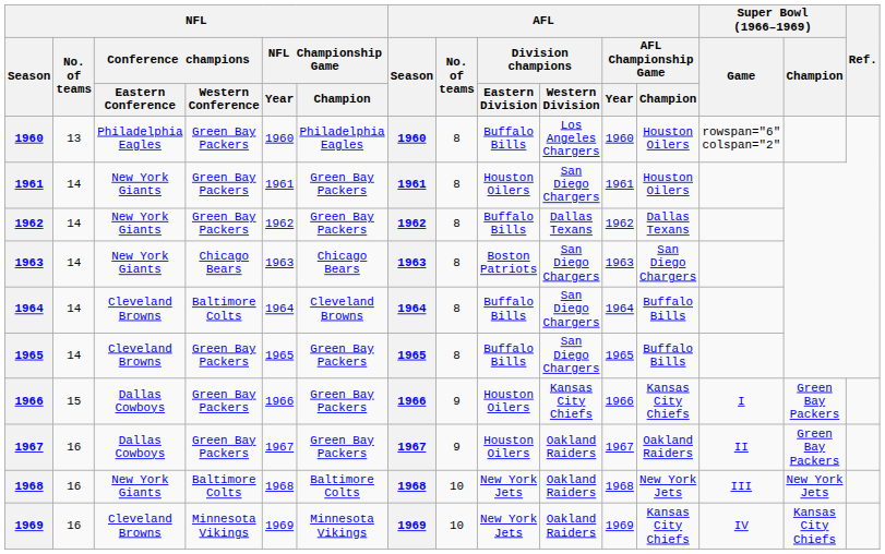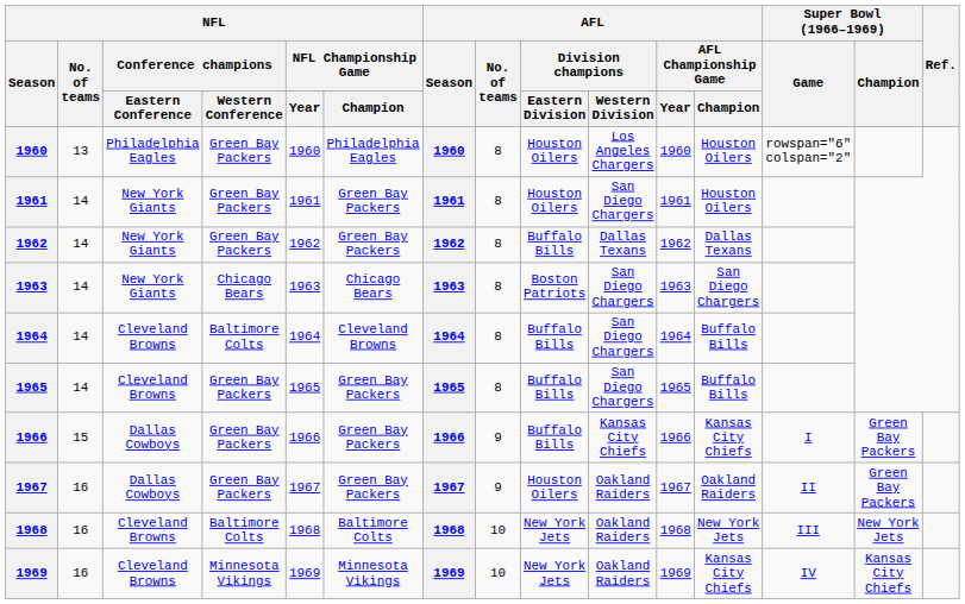 <table class="wikitable plainrowheaders" style="text-align:center; font-size:95%">
 <tr>
 <th colspan="6">NFL</th>
 <th colspan="6">AFL</th>
 <th colspan="2">Super Bowl<br>(1966–1969)</th>
 <th rowspan="3">Ref.</th>
 </tr>
 <tr>
 <th rowspan="2">Season</th>
 <th rowspan="2">No. of<br>teams</th>
 <th colspan="2">Conference champions</th>
 <th colspan="2">NFL Championship Game</th>
 <th rowspan="2">Season</th>
 <th rowspan="2">No. of<br>teams</th>
 <th colspan="2">Division champions</th>
 <th colspan="2">AFL Championship Game</th>
 <th rowspan="2">Game</th>
 <th rowspan="2">Champion</th>
 </tr>
 <tr>
 <th>Eastern<br>Conference</th>
 <th>Western<br>Conference</th>
 <th>Year</th>
 <th>Champion</th>
 <th>Eastern<br>Division</th>
 <th>Western<br>Division</th>
 <th>Year</th>
 <th>Champion</th>
 </tr>
 <tr>
 <th><a href='#'>1960</a></th>
 <td>13</td>
 <td><a href='#'>Philadelphia Eagles</a></td>
 <td><a href='#'>Green Bay Packers</a></td>
 <td><a href='#'>1960</a></td>
 <td><a href='#'>Philadelphia Eagles</a></td>
 <th><a href='#'>1960</a></th>
 <td>8</td>
-<td><a href='#'>Buffalo Bills</a></td>
+<td><a href='#'>Houston Oilers</a></td>
 <td><a href='#'>Los Angeles Chargers</a></td>
 <td><a href='#'>1960</a></td>
 <td><a href='#'>Houston Oilers</a></td>
 <td>rowspan="6" colspan="2" </td>
 <td></td>
 </tr>
 <tr>
 <th><a href='#'>1961</a></th>
 <td>14</td>
 <td><a href='#'>New York Giants</a></td>
 <td><a href='#'>Green Bay Packers</a></td>
 <td><a href='#'>1961</a></td>
 <td><a href='#'>Green Bay Packers</a></td>
 <th><a href='#'>1961</a></th>
 <td>8</td>
 <td><a href='#'>Houston Oilers</a></td>
 <td><a href='#'>San Diego Chargers</a></td>
 <td><a href='#'>1961</a></td>
 <td><a href='#'>Houston Oilers</a></td>
 <td></td>
 </tr>
 <tr>
 <th><a href='#'>1962</a></th>
 <td>14</td>
 <td><a href='#'>New York Giants</a></td>
 <td><a href='#'>Green Bay Packers</a></td>
 <td><a href='#'>1962</a></td>
 <td><a href='#'>Green Bay Packers</a></td>
 <th><a href='#'>1962</a></th>
 <td>8</td>
 <td><a href='#'>Buffalo Bills</a></td>
 <td><a href='#'>Dallas Texans</a></td>
 <td><a href='#'>1962</a></td>
 <td><a href='#'>Dallas Texans</a></td>
 <td></td>
 </tr>
 <tr>
 <th><a href='#'>1963</a></th>
 <td>14</td>
 <td><a href='#'>New York Giants</a></td>
 <td><a href='#'>Chicago Bears</a></td>
 <td><a href='#'>1963</a></td>
 <td><a href='#'>Chicago Bears</a></td>
 <th><a href='#'>1963</a></th>
 <td>8</td>
 <td><a href='#'>Boston Patriots</a></td>
 <td><a href='#'>San Diego Chargers</a></td>
 <td><a href='#'>1963</a></td>
 <td><a href='#'>San Diego Chargers</a></td>
 <td></td>
 </tr>
 <tr>
 <th><a href='#'>1964</a></th>
 <td>14</td>
 <td><a href='#'>Cleveland Browns</a></td>
 <td><a href='#'>Baltimore Colts</a></td>
 <td><a href='#'>1964</a></td>
 <td><a href='#'>Cleveland Browns</a></td>
 <th><a href='#'>1964</a></th>
 <td>8</td>
 <td><a href='#'>Buffalo Bills</a></td>
 <td><a href='#'>San Diego Chargers</a></td>
 <td><a href='#'>1964</a></td>
 <td><a href='#'>Buffalo Bills</a></td>
 <td></td>
 </tr>
 <tr>
 <th><a href='#'>1965</a></th>
 <td>14</td>
 <td><a href='#'>Cleveland Browns</a></td>
 <td><a href='#'>Green Bay Packers</a></td>
 <td><a href='#'>1965</a></td>
 <td><a href='#'>Green Bay Packers</a></td>
 <th><a href='#'>1965</a></th>
 <td>8</td>
 <td><a href='#'>Buffalo Bills</a></td>
 <td><a href='#'>San Diego Chargers</a></td>
 <td><a href='#'>1965</a></td>
 <td><a href='#'>Buffalo Bills</a></td>
 <td></td>
 </tr>
 <tr>
 <th><a href='#'>1966</a></th>
 <td>15</td>
 <td><a href='#'>Dallas Cowboys</a></td>
 <td><a href='#'>Green Bay Packers</a></td>
 <td><a href='#'>1966</a></td>
 <td><a href='#'>Green Bay Packers</a></td>
 <th><a href='#'>1966</a></th>
 <td>9</td>
-<td><a href='#'>Houston Oilers</a></td>
+<td><a href='#'>Buffalo Bills</a></td>
 <td><a href='#'>Kansas City Chiefs</a></td>
 <td><a href='#'>1966</a></td>
 <td><a href='#'>Kansas City Chiefs</a></td>
 <td><a href='#'>I</a></td>
 <td><a href='#'>Green Bay Packers</a></td>
 <td></td>
 </tr>
 <tr>
 <th><a href='#'>1967</a></th>
 <td>16</td>
 <td><a href='#'>Dallas Cowboys</a></td>
 <td><a href='#'>Green Bay Packers</a></td>
 <td><a href='#'>1967</a></td>
 <td><a href='#'>Green Bay Packers</a></td>
 <th><a href='#'>1967</a></th>
 <td>9</td>
 <td><a href='#'>Houston Oilers</a></td>
 <td><a href='#'>Oakland Raiders</a></td>
 <td><a href='#'>1967</a></td>
 <td><a href='#'>Oakland Raiders</a></td>
 <td><a href='#'>II</a></td>
 <td><a href='#'>Green Bay Packers</a></td>
 <td></td>
 </tr>
 <tr>
 <th><a href='#'>1968</a></th>
 <td>16</td>
-<td><a href='#'>New York Giants</a></td>
+<td><a href='#'>Cleveland Browns</a></td>
 <td><a href='#'>Baltimore Colts</a></td>
 <td><a href='#'>1968</a></td>
 <td><a href='#'>Baltimore Colts</a></td>
 <th><a href='#'>1968</a></th>
 <td>10</td>
 <td><a href='#'>New York Jets</a></td>
 <td><a href='#'>Oakland Raiders</a></td>
 <td><a href='#'>1968</a></td>
 <td><a href='#'>New York Jets</a></td>
 <td><a href='#'>III</a></td>
 <td><a href='#'>New York Jets</a></td>
 <td></td>
 </tr>
 <tr>
 <th><a href='#'>1969</a></th>
 <td>16</td>
 <td><a href='#'>Cleveland Browns</a></td>
 <td><a href='#'>Minnesota Vikings</a></td>
 <td><a href='#'>1969</a></td>
 <td><a href='#'>Minnesota Vikings</a></td>
 <th><a href='#'>1969</a></th>
 <td>10</td>
 <td><a href='#'>New York Jets</a></td>
 <td><a href='#'>Oakland Raiders</a></td>
 <td><a href='#'>1969</a></td>
 <td><a href='#'>Kansas City Chiefs</a></td>
 <td><a href='#'>IV</a></td>
 <td><a href='#'>Kansas City Chiefs</a></td>
 <td></td>
 </tr>
 </table>
